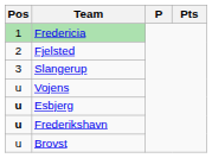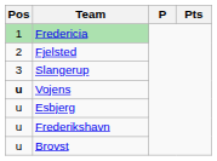 <table class="wikitable" style="font-size: 100%">
 <tr>
 <th width=20>Pos</th>
 <th width=150>Team</th>
 <th width=30>P</th>
 <th width=40>Pts</th>
 </tr>
 <tr align=center style="background:#ACE1AF;">
 <td>1</td>
 <td align="left"><a href='#'>Fredericia</a></td>
 </tr>
 <tr align=center>
 <td>2</td>
 <td align="left"><a href='#'>Fjelsted</a></td>
 </tr>
 <tr align=center>
 <td>3</td>
 <td align="left"><a href='#'>Slangerup</a></td>
 </tr>
 <tr align=center>
-<td>u</td>
+<td><strong>u</strong></td>
 <td align="left"><a href='#'>Vojens</a></td>
 </tr>
 <tr align=center>
-<td><strong>u</strong></td>
+<td>u</td>
 <td align="left"><a href='#'>Esbjerg</a></td>
 </tr>
 <tr align=center>
-<td><strong>u</strong></td>
+<td>u</td>
 <td align="left"><a href='#'>Frederikshavn</a></td>
 </tr>
 <tr align=center>
 <td>u</td>
 <td align="left"><a href='#'>Brovst</a></td>
 </tr>
 </table>
